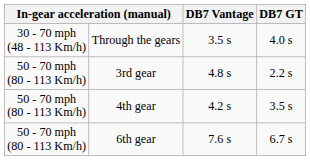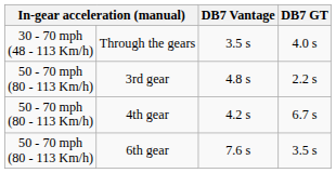 <table class="wikitable" , style="text-align:center">
 <tr>
 <th colspan="2">In-gear acceleration (manual)</th>
 <th>DB7 Vantage</th>
 <th>DB7 GT</th>
 </tr>
 <tr>
 <td>30 - 70 mph<br>(48 - 113 Km/h)</td>
 <td>Through the gears</td>
 <td>3.5 s</td>
 <td>4.0 s</td>
 </tr>
 <tr>
 <td>50 - 70 mph<br>(80 - 113 Km/h)</td>
 <td>3rd gear</td>
 <td>4.8 s</td>
 <td>2.2 s</td>
 </tr>
 <tr>
 <td>50 - 70 mph<br>(80 - 113 Km/h)</td>
 <td>4th gear</td>
 <td>4.2 s</td>
-<td>3.5 s</td>
+<td>6.7 s</td>
 </tr>
 <tr>
 <td>50 - 70 mph<br>(80 - 113 Km/h)</td>
 <td>6th gear</td>
 <td>7.6 s</td>
-<td>6.7 s</td>
+<td>3.5 s</td>
 </tr>
 </table>
